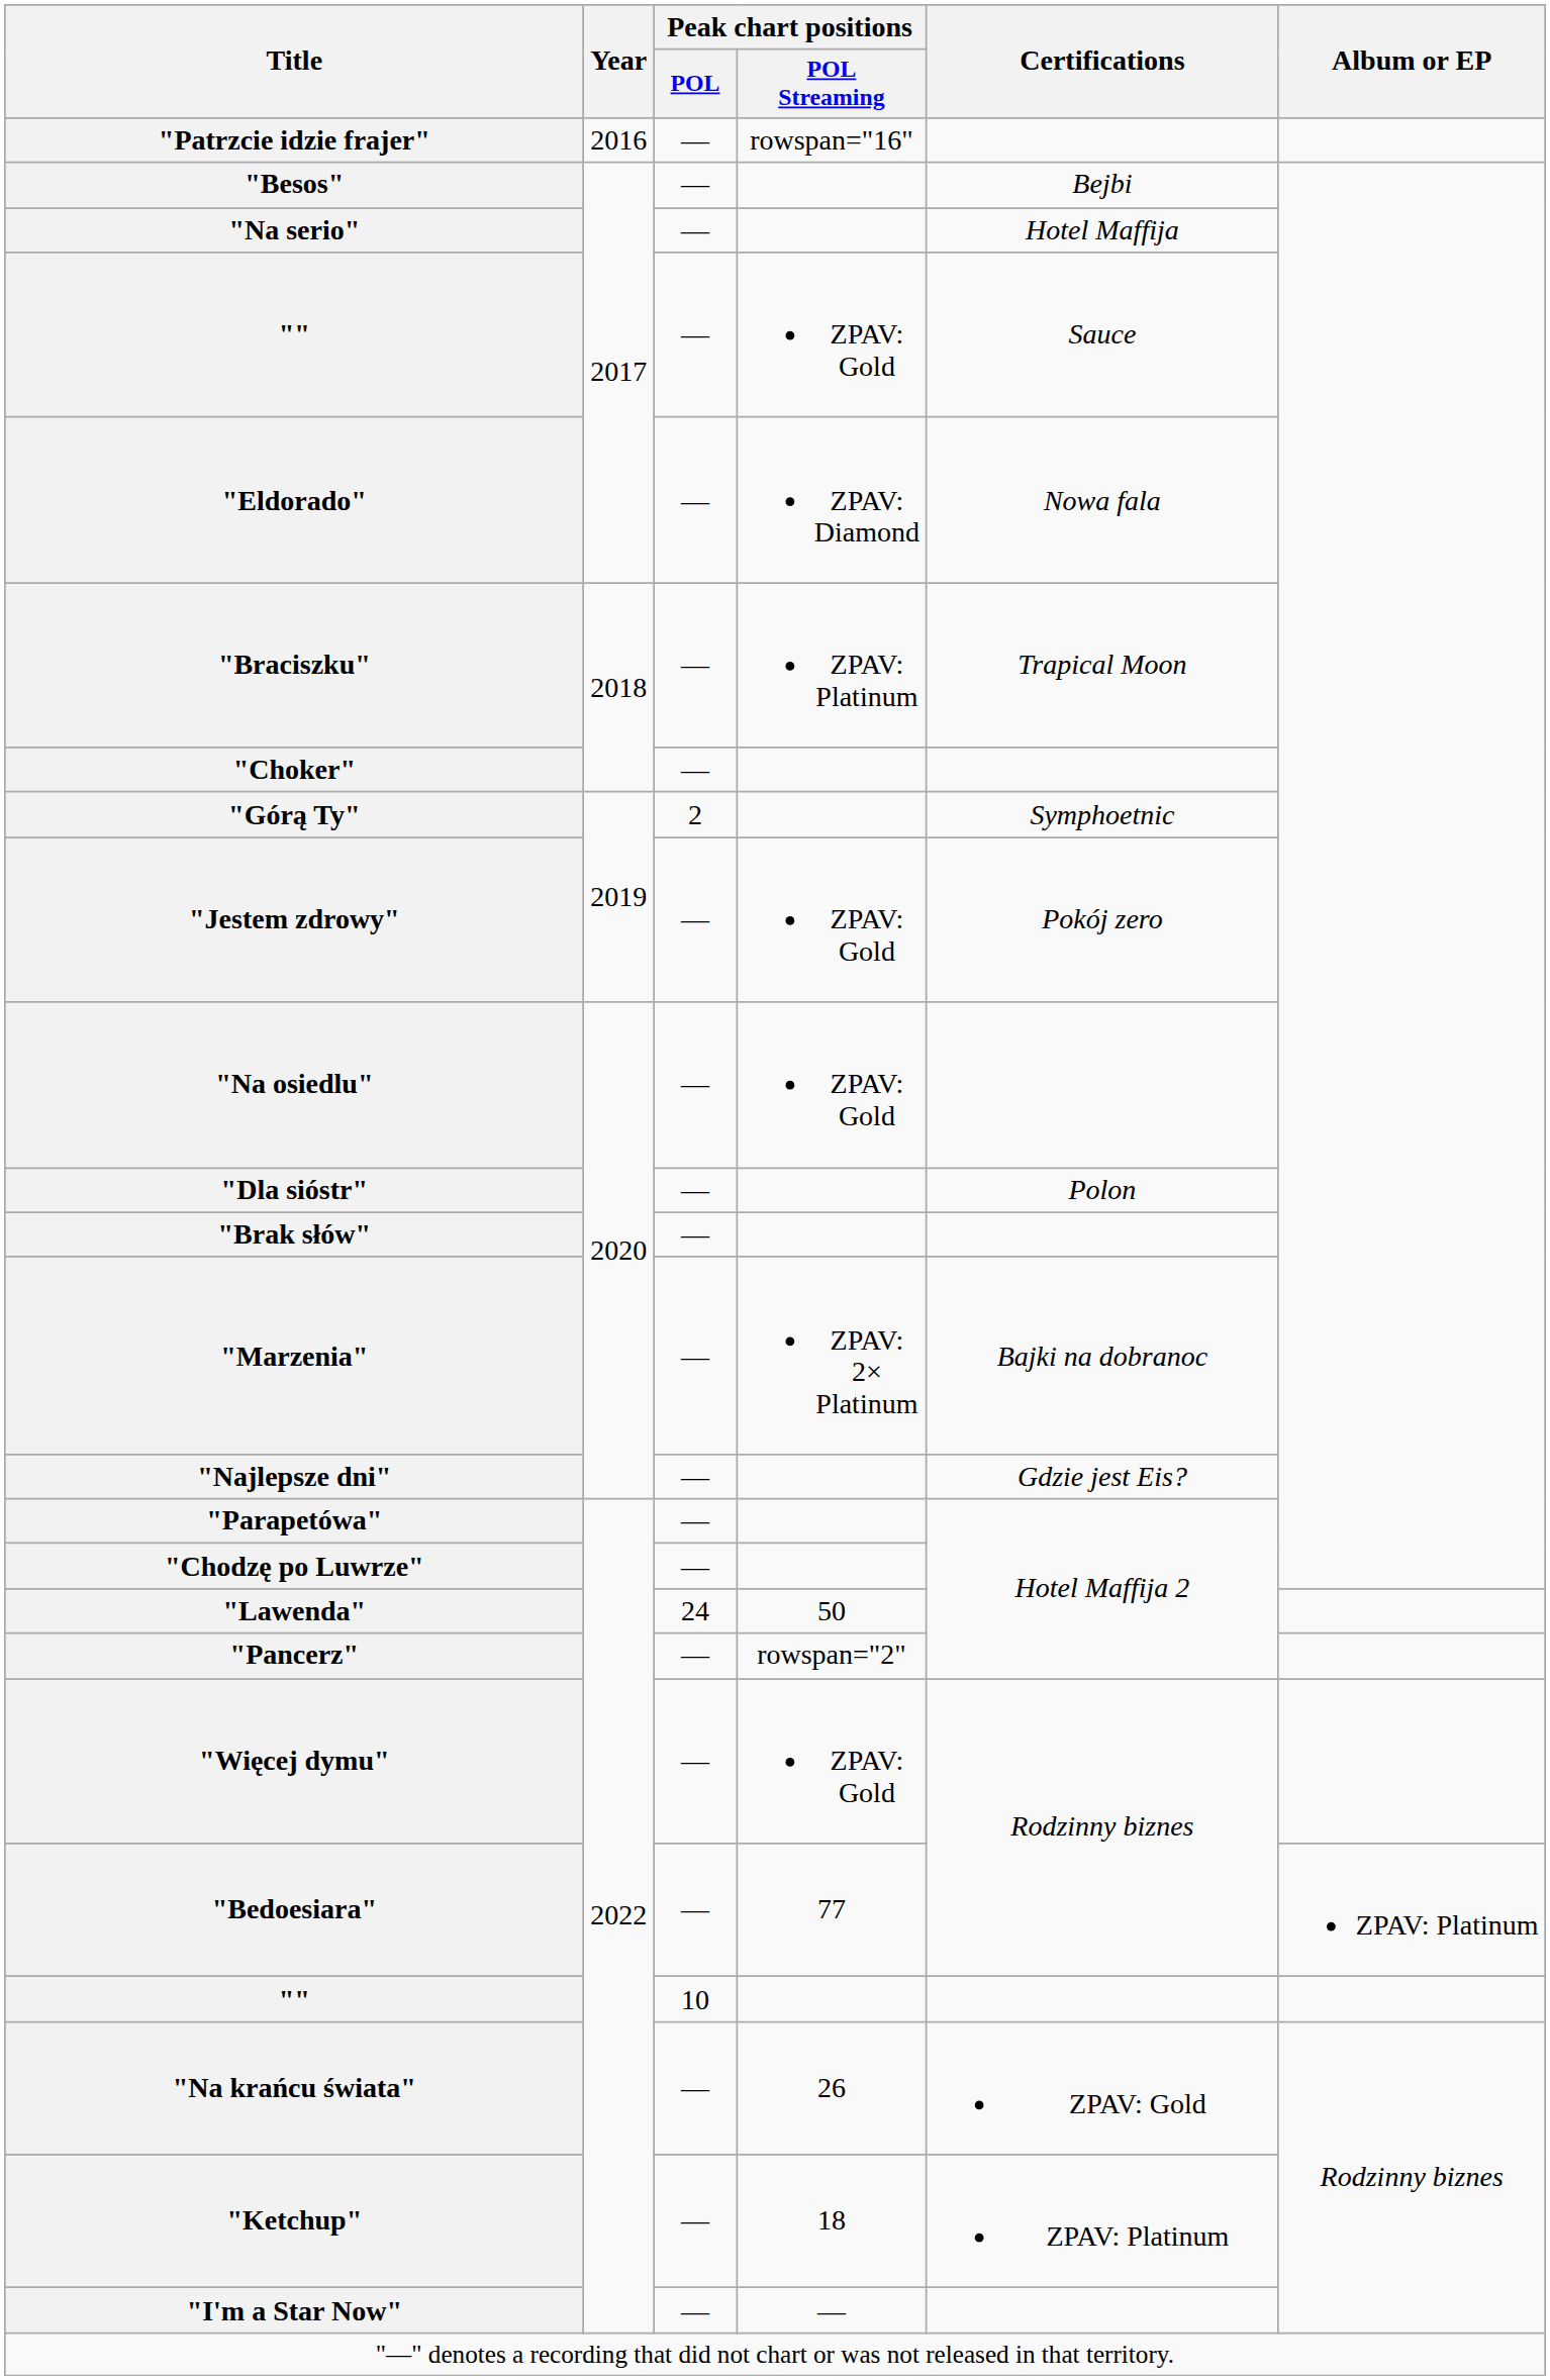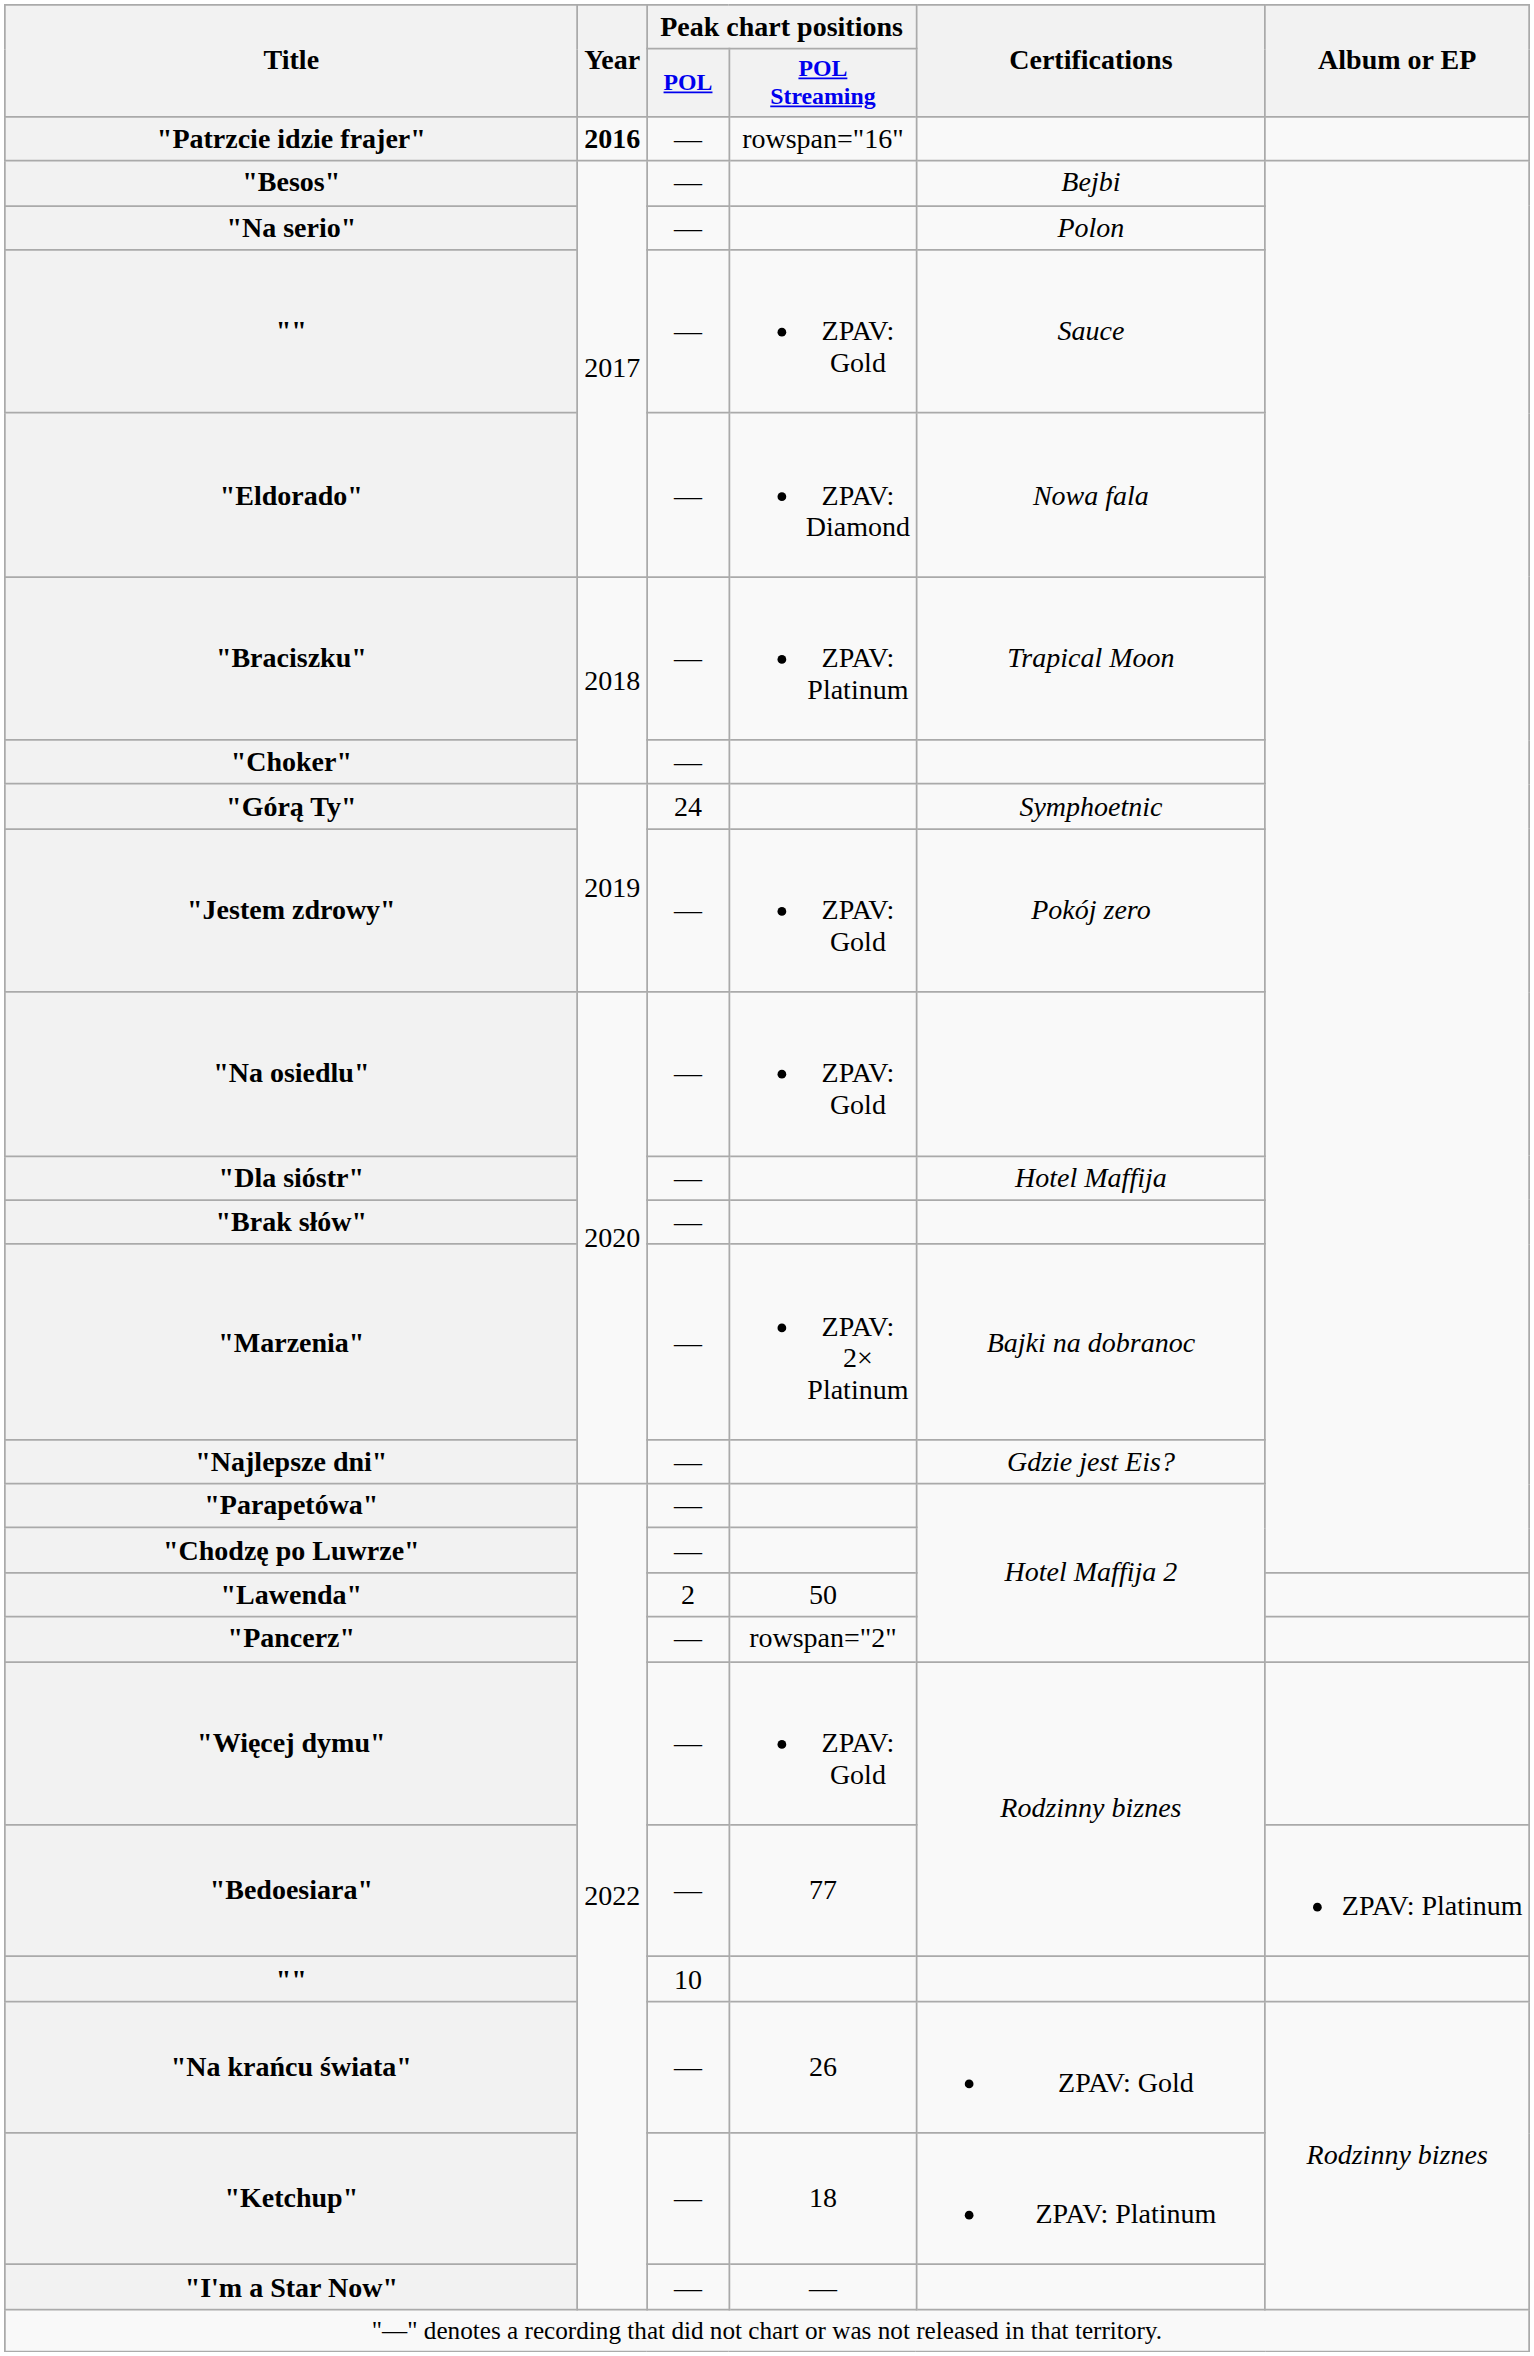 <table class="wikitable plainrowheaders" style="text-align:center;">
 <tr>
 <th scope="col" style="width:20em;" rowspan="2">Title</th>
 <th scope="col" style="width:1em;" rowspan="2">Year</th>
 <th colspan="2">Peak chart positions</th>
 <th scope="col" style="width:12em;" rowspan="2">Certifications</th>
 <th scope="col" rowspan="2">Album or EP</th>
 </tr>
 <tr>
 <th scope="col" style="width:3em;font-size:85%;"><a href='#'>POL</a><br></th>
 <th scope="col" style="width:3em;font-size:85%;"><a href='#'>POL<br>Streaming</a><br></th>
 </tr>
 <tr>
 <th scope="row">"Patrzcie idzie frajer"<br></th>
-<td>2016</td>
+<td><strong>2016</strong></td>
 <td>—</td>
 <td>rowspan="16" </td>
 <td></td>
 <td><em></em></td>
 </tr>
 <tr>
 <th scope="row">"Besos"<br></th>
 <td rowspan="4">2017</td>
 <td>—</td>
 <td></td>
 <td><em>Bejbi</em></td>
 </tr>
 <tr>
 <th scope="row">"Na serio"<br></th>
 <td>—</td>
 <td></td>
-<td><em>Hotel Maffija</em></td>
+<td><em>Polon</em></td>
 </tr>
 <tr>
 <th scope="row">""<br></th>
 <td>—</td>
 <td><br><ul><li>ZPAV: Gold</li></ul></td>
 <td><em>Sauce</em></td>
 </tr>
 <tr>
 <th scope="row">"Eldorado"<br></th>
 <td>—</td>
 <td><br><ul><li>ZPAV: Diamond</li></ul></td>
 <td><em>Nowa fala</em></td>
 </tr>
 <tr>
 <th scope="row">"Braciszku"<br></th>
 <td rowspan="2">2018</td>
 <td>—</td>
 <td><br><ul><li>ZPAV: Platinum</li></ul></td>
 <td><em>Trapical Moon</em></td>
 </tr>
 <tr>
 <th scope="row">"Choker"<br></th>
 <td>—</td>
 <td></td>
 <td></td>
 </tr>
 <tr>
 <th scope="row">"Górą Ty"<br></th>
 <td rowspan="2">2019</td>
-<td>2</td>
+<td>24</td>
 <td></td>
 <td><em>Symphoetnic</em></td>
 </tr>
 <tr>
 <th scope="row">"Jestem zdrowy"<br></th>
 <td>—</td>
 <td><br><ul><li>ZPAV: Gold</li></ul></td>
 <td><em>Pokój zero</em></td>
 </tr>
 <tr>
 <th scope="row">"Na osiedlu"<br></th>
 <td rowspan="5">2020</td>
 <td>—</td>
 <td><br><ul><li>ZPAV: Gold</li></ul></td>
 <td><em></em></td>
 </tr>
 <tr>
 <th scope="row">"Dla sióstr"<br></th>
 <td>—</td>
 <td></td>
-<td><em>Polon</em></td>
+<td><em>Hotel Maffija</em></td>
 </tr>
 <tr>
 <th scope="row">"Brak słów"<br></th>
 <td>—</td>
 <td></td>
 <td></td>
 </tr>
 <tr>
 <th scope="row">"Marzenia"<br></th>
 <td>—</td>
 <td><br><ul><li>ZPAV: 2× Platinum</li></ul></td>
 <td><em>Bajki na dobranoc</em></td>
 </tr>
 <tr>
 <th scope="row">"Najlepsze dni"<br></th>
 <td>—</td>
 <td></td>
 <td><em>Gdzie jest Eis?</em></td>
 </tr>
 <tr>
 <th scope="row">"Parapetówa"<br></th>
 <td rowspan="10">2022</td>
 <td>—</td>
 <td></td>
 <td rowspan="4"><em>Hotel Maffija 2</em></td>
 </tr>
 <tr>
 <th scope="row">"Chodzę po Luwrze"<br></th>
 <td>—</td>
 <td></td>
 </tr>
 <tr>
 <th scope="row">"Lawenda"<br></th>
-<td>24</td>
+<td>2</td>
 <td>50</td>
 <td></td>
 </tr>
 <tr>
 <th scope="row">"Pancerz"<br></th>
 <td>—</td>
 <td>rowspan="2" </td>
 <td></td>
 </tr>
 <tr>
 <th scope="row">"Więcej dymu"<br></th>
 <td>—</td>
 <td><br><ul><li>ZPAV: Gold</li></ul></td>
 <td rowspan="2"><em>Rodzinny biznes</em></td>
 </tr>
 <tr>
 <th scope="row">"Bedoesiara"<br></th>
 <td>—</td>
 <td>77</td>
 <td><br><ul><li>ZPAV: Platinum</li></ul></td>
 </tr>
 <tr>
 <th scope="row">""<br></th>
 <td>10</td>
 <td></td>
 <td></td>
 <td><em></em></td>
 </tr>
 <tr>
 <th scope="row">"Na krańcu świata"<br></th>
 <td>—</td>
 <td>26</td>
 <td><br><ul><li>ZPAV: Gold</li></ul></td>
 <td rowspan="3"><em>Rodzinny biznes</em></td>
 </tr>
 <tr>
 <th scope="row">"Ketchup"<br></th>
 <td>—</td>
 <td>18</td>
 <td><br><ul><li>ZPAV: Platinum</li></ul></td>
 </tr>
 <tr>
 <th scope="row">"I'm a Star Now"<br></th>
 <td>—</td>
 <td>—</td>
 <td></td>
 </tr>
 <tr>
 <td colspan="6" style="font-size:90%">"—" denotes a recording that did not chart or was not released in that territory.</td>
 </tr>
 </table>
